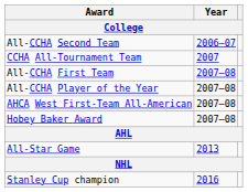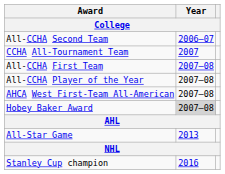 <table class="wikitable">
 <tr>
 <th>Award</th>
 <th>Year</th>
 <th></th>
 </tr>
 <tr>
 <th colspan="3"><a href='#'>College</a></th>
 </tr>
 <tr>
 <td>All-<a href='#'>CCHA</a> <a href='#'>Second Team</a></td>
 <td><a href='#'>2006–07</a></td>
 <td></td>
 </tr>
 <tr>
 <td><a href='#'>CCHA</a> <a href='#'>All-Tournament Team</a></td>
 <td><a href='#'>2007</a></td>
 <td></td>
 </tr>
 <tr>
 <td>All-<a href='#'>CCHA</a> <a href='#'>First Team</a></td>
 <td><a href='#'>2007–08</a></td>
 <td></td>
 </tr>
 <tr>
 <td>All-<a href='#'>CCHA</a> <a href='#'>Player of the Year</a></td>
 <td>2007–08</td>
 <td></td>
 </tr>
 <tr>
 <td><a href='#'>AHCA</a> <a href='#'>West First-Team All-American</a></td>
 <td>2007–08</td>
 <td></td>
 </tr>
 <tr>
 <td><a href='#'>Hobey Baker Award</a></td>
-<td>2007–08</td>
+<td style="background: lightgrey;">2007–08</td>
 <td></td>
 </tr>
 <tr>
 <th colspan="3"><a href='#'>AHL</a></th>
 </tr>
 <tr>
 <td><a href='#'>All-Star Game</a></td>
 <td><a href='#'>2013</a></td>
 <td></td>
 </tr>
 <tr>
 <th colspan="3"><a href='#'>NHL</a></th>
 </tr>
 <tr>
 <td><a href='#'>Stanley Cup</a> champion</td>
 <td><a href='#'>2016</a></td>
 <td></td>
 </tr>
 </table>
